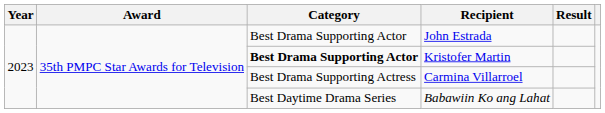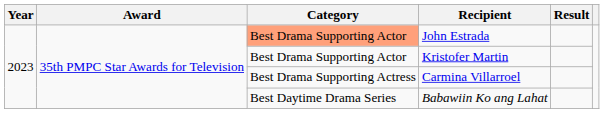 <table class="wikitable">
 <tr>
 <th>Year</th>
 <th>Award</th>
 <th>Category</th>
 <th>Recipient</th>
 <th>Result</th>
 <th></th>
 </tr>
 <tr>
 <td rowspan=4>2023</td>
 <td rowspan=4><a href='#'>35th PMPC Star Awards for Television</a></td>
-<td>Best Drama Supporting Actor</td>
+<td style="background: lightsalmon;">Best Drama Supporting Actor</td>
 <td><a href='#'>John Estrada</a></td>
 <td></td>
 <td rowspan=4></td>
 </tr>
 <tr>
-<td><strong>Best Drama Supporting Actor</strong></td>
+<td>Best Drama Supporting Actor</td>
 <td><a href='#'>Kristofer Martin</a></td>
 <td></td>
 </tr>
 <tr>
 <td>Best Drama Supporting Actress</td>
 <td><a href='#'>Carmina Villarroel</a></td>
 <td></td>
 </tr>
 <tr>
 <td>Best Daytime Drama Series</td>
 <td><em>Babawiin Ko ang Lahat</em></td>
 <td></td>
 </tr>
 </table>
